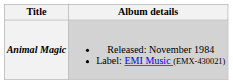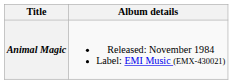 <table class="wikitable plainrowheaders" style="text-align:center;" border="1">
 <tr>
 <th>Title</th>
 <th>Album details</th>
 </tr>
 <tr>
 <th scope="row"><em>Animal Magic</em></th>
-<td style="background: lightgrey;"><br><ul><li>Released: November 1984</li><li>Label: <a href='#'>EMI Music </a> <small>(EMX-430021)</small></li></ul></td>
+<td><br><ul><li>Released: November 1984</li><li>Label: <a href='#'>EMI Music </a> <small>(EMX-430021)</small></li></ul></td>
 </tr>
 </table>
